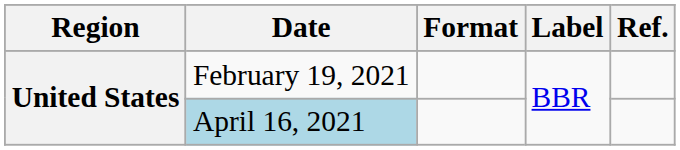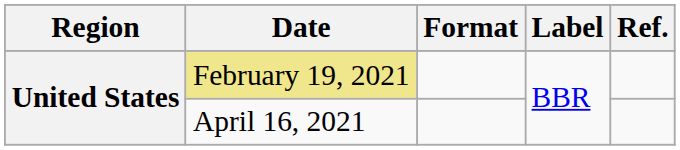 <table class="wikitable plainrowheaders">
 <tr>
 <th scope="col">Region</th>
 <th scope="col">Date</th>
 <th scope="col">Format</th>
 <th scope="col">Label</th>
 <th scope="col">Ref.</th>
 </tr>
 <tr>
 <th scope="row" rowspan="2">United States</th>
-<td>February 19, 2021</td>
+<td style="background: khaki;">February 19, 2021</td>
 <td></td>
 <td rowspan="2"><a href='#'>BBR</a></td>
 <td></td>
 </tr>
 <tr>
-<td style="background: lightblue;">April 16, 2021</td>
+<td>April 16, 2021</td>
 <td></td>
 <td></td>
 </tr>
 </table>
